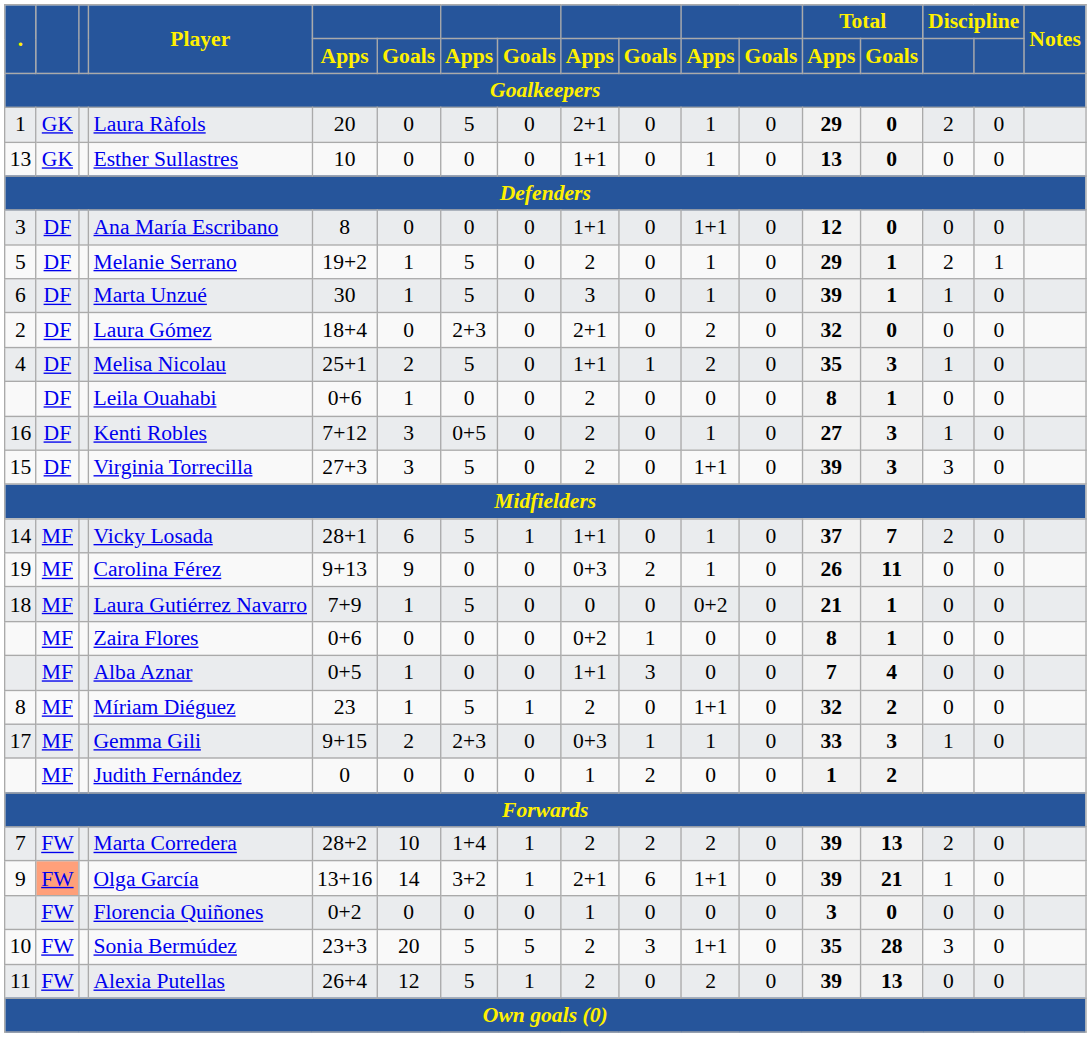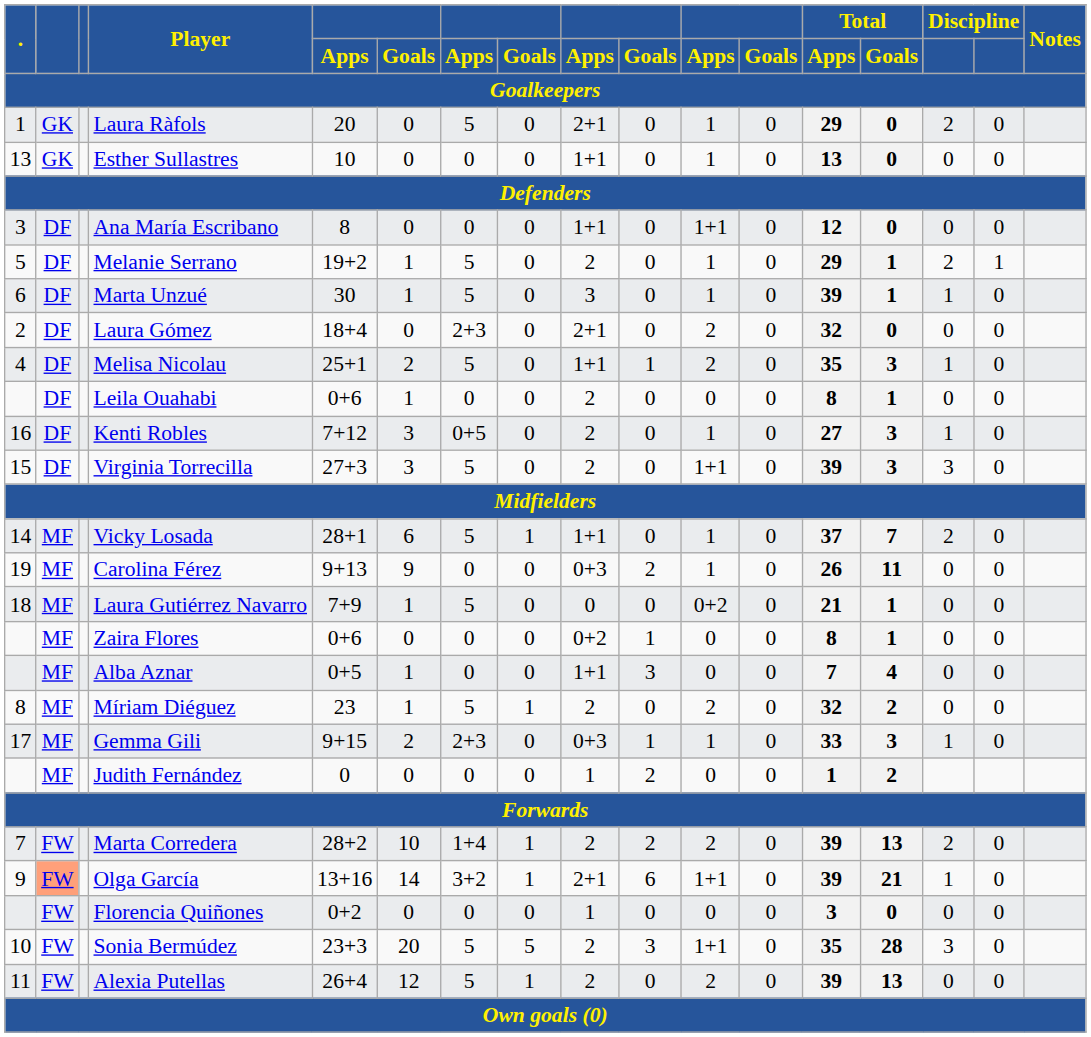 <table class="wikitable sortable alternance" style="text-align:center">
 <tr>
 <th rowspan="2" style="background:#26559B; color:#FFF000; ">.</th>
 <th rowspan="2" style="background:#26559B; color:#FFF000; "></th>
 <th rowspan="2" style="background:#26559B; color:#FFF000; "></th>
 <th rowspan="2" style="background:#26559B; color:#FFF000; ">Player</th>
 <th colspan="2" style="background:#26559B; color:#FFF000; "></th>
 <th colspan="2" style="background:#26559B; color:#FFF000; "></th>
 <th colspan="2" style="background:#26559B; color:#FFF000; "></th>
 <th colspan="2" style="background:#26559B; color:#FFF000; "></th>
 <th colspan="2" style="background:#26559B; color:#FFF000; ">Total</th>
 <th colspan="2" style="background:#26559B; color:#FFF000; ">Discipline</th>
 <th rowspan="2" style="background:#26559B; color:#FFF000; ">Notes</th>
 </tr>
 <tr>
 <th style="background:#26559B; color:#FFF000; ">Apps</th>
 <th style="background:#26559B; color:#FFF000; ">Goals</th>
 <th style="background:#26559B; color:#FFF000; ">Apps</th>
 <th style="background:#26559B; color:#FFF000; ">Goals</th>
 <th style="background:#26559B; color:#FFF000; ">Apps</th>
 <th style="background:#26559B; color:#FFF000; ">Goals</th>
 <th style="background:#26559B; color:#FFF000; ">Apps</th>
 <th style="background:#26559B; color:#FFF000; ">Goals</th>
 <th style="background:#26559B; color:#FFF000; ">Apps</th>
 <th style="background:#26559B; color:#FFF000; ">Goals</th>
 <th style="background:#26559B; color:#FFF000; "></th>
 <th style="background:#26559B; color:#FFF000; "></th>
 </tr>
 <tr>
 <th colspan="17" style="background:#26559B; color:#FFF000; "><em>Goalkeepers</em></th>
 </tr>
 <tr colspan="9" style="background:#eaecee">
 <td>1</td>
 <td><a href='#'>GK</a></td>
 <td></td>
 <td align="left"><a href='#'>Laura Ràfols</a></td>
 <td>20</td>
 <td>0</td>
 <td>5</td>
 <td>0</td>
 <td>2+1</td>
 <td>0</td>
 <td>1</td>
 <td>0</td>
 <th>29</th>
 <th><strong>0</strong></th>
 <td>2</td>
 <td>0</td>
 <td></td>
 </tr>
 <tr>
 <td>13</td>
 <td><a href='#'>GK</a></td>
 <td></td>
 <td align="left"><a href='#'>Esther Sullastres</a></td>
 <td>10</td>
 <td>0</td>
 <td>0</td>
 <td>0</td>
 <td>1+1</td>
 <td>0</td>
 <td>1</td>
 <td>0</td>
 <th>13</th>
 <th><strong>0</strong></th>
 <td>0</td>
 <td>0</td>
 <td></td>
 </tr>
 <tr>
 <th colspan="17" style="background:#26559B; color:#FFF000; "><em>Defenders</em></th>
 </tr>
 <tr colspan="9" style="background:#eaecee">
 <td>3</td>
 <td><a href='#'>DF</a></td>
 <td></td>
 <td align="left"><a href='#'>Ana María Escribano</a></td>
 <td>8</td>
 <td>0</td>
 <td>0</td>
 <td>0</td>
 <td>1+1</td>
 <td>0</td>
 <td>1+1</td>
 <td>0</td>
 <th>12</th>
 <th>0</th>
 <td>0</td>
 <td>0</td>
 <td></td>
 </tr>
 <tr>
 <td>5</td>
 <td><a href='#'>DF</a></td>
 <td></td>
 <td align="left"><a href='#'>Melanie Serrano</a></td>
 <td>19+2</td>
 <td>1</td>
 <td>5</td>
 <td>0</td>
 <td>2</td>
 <td>0</td>
 <td>1</td>
 <td>0</td>
 <th>29</th>
 <th>1</th>
 <td>2</td>
 <td>1</td>
 <td></td>
 </tr>
 <tr colspan="9" style="background:#eaecee">
 <td>6</td>
 <td><a href='#'>DF</a></td>
 <td></td>
 <td align="left"><a href='#'>Marta Unzué</a></td>
 <td>30</td>
 <td>1</td>
 <td>5</td>
 <td>0</td>
 <td>3</td>
 <td>0</td>
 <td>1</td>
 <td>0</td>
 <th>39</th>
 <th>1</th>
 <td>1</td>
 <td>0</td>
 <td></td>
 </tr>
 <tr>
 <td>2</td>
 <td><a href='#'>DF</a></td>
 <td></td>
 <td align="left"><a href='#'>Laura Gómez</a></td>
 <td>18+4</td>
 <td>0</td>
 <td>2+3</td>
 <td>0</td>
 <td>2+1</td>
 <td>0</td>
 <td>2</td>
 <td>0</td>
 <th>32</th>
 <th><strong>0</strong></th>
 <td>0</td>
 <td>0</td>
 <td></td>
 </tr>
 <tr colspan="9" style="background:#eaecee">
 <td>4</td>
 <td><a href='#'>DF</a></td>
 <td></td>
 <td align="left"><a href='#'>Melisa Nicolau</a></td>
 <td>25+1</td>
 <td>2</td>
 <td>5</td>
 <td>0</td>
 <td>1+1</td>
 <td>1</td>
 <td>2</td>
 <td>0</td>
 <th>35</th>
 <th>3</th>
 <td>1</td>
 <td>0</td>
 <td></td>
 </tr>
 <tr>
 <td></td>
 <td><a href='#'>DF</a></td>
 <td></td>
 <td align="left"><a href='#'>Leila Ouahabi</a></td>
 <td>0+6</td>
 <td>1</td>
 <td>0</td>
 <td>0</td>
 <td>2</td>
 <td>0</td>
 <td>0</td>
 <td>0</td>
 <th>8</th>
 <th>1</th>
 <td>0</td>
 <td>0</td>
 <td></td>
 </tr>
 <tr colspan="9" style="background:#eaecee">
 <td>16</td>
 <td><a href='#'>DF</a></td>
 <td></td>
 <td align="left"><a href='#'>Kenti Robles</a></td>
 <td>7+12</td>
 <td>3</td>
 <td>0+5</td>
 <td>0</td>
 <td>2</td>
 <td>0</td>
 <td>1</td>
 <td>0</td>
 <th>27</th>
 <th>3</th>
 <td>1</td>
 <td>0</td>
 <td></td>
 </tr>
 <tr>
 <td>15</td>
 <td><a href='#'>DF</a></td>
 <td></td>
 <td align="left"><a href='#'>Virginia Torrecilla</a></td>
 <td>27+3</td>
 <td>3</td>
 <td>5</td>
 <td>0</td>
 <td>2</td>
 <td>0</td>
 <td>1+1</td>
 <td>0</td>
 <th>39</th>
 <th>3</th>
 <td>3</td>
 <td>0</td>
 <td></td>
 </tr>
 <tr>
 <th colspan="17" style="background:#26559B; color:#FFF000; "><em>Midfielders</em></th>
 </tr>
 <tr style="background:#eaecee" colspan="9">
 <td>14</td>
 <td><a href='#'>MF</a></td>
 <td></td>
 <td align="left"><a href='#'>Vicky Losada</a></td>
 <td>28+1</td>
 <td>6</td>
 <td>5</td>
 <td>1</td>
 <td>1+1</td>
 <td>0</td>
 <td>1</td>
 <td>0</td>
 <th>37</th>
 <th>7</th>
 <td>2</td>
 <td>0</td>
 <td></td>
 </tr>
 <tr>
 <td>19</td>
 <td><a href='#'>MF</a></td>
 <td></td>
 <td align="left"><a href='#'>Carolina Férez</a></td>
 <td>9+13</td>
 <td>9</td>
 <td>0</td>
 <td>0</td>
 <td>0+3</td>
 <td>2</td>
 <td>1</td>
 <td>0</td>
 <th>26</th>
 <th>11</th>
 <td>0</td>
 <td>0</td>
 <td></td>
 </tr>
 <tr style="background:#eaecee" colspan="9">
 <td>18</td>
 <td><a href='#'>MF</a></td>
 <td></td>
 <td align="left"><a href='#'>Laura Gutiérrez Navarro</a></td>
 <td>7+9</td>
 <td>1</td>
 <td>5</td>
 <td>0</td>
 <td>0</td>
 <td>0</td>
 <td>0+2</td>
 <td>0</td>
 <th>21</th>
 <th>1</th>
 <td>0</td>
 <td>0</td>
 <td></td>
 </tr>
 <tr>
 <td></td>
 <td><a href='#'>MF</a></td>
 <td></td>
 <td align="left"><a href='#'>Zaira Flores</a></td>
 <td>0+6</td>
 <td>0</td>
 <td>0</td>
 <td>0</td>
 <td>0+2</td>
 <td>1</td>
 <td>0</td>
 <td>0</td>
 <th>8</th>
 <th>1</th>
 <td>0</td>
 <td>0</td>
 <td></td>
 </tr>
 <tr style="background:#eaecee" colspan="9">
 <td></td>
 <td><a href='#'>MF</a></td>
 <td></td>
 <td align="left"><a href='#'>Alba Aznar</a></td>
 <td>0+5</td>
 <td>1</td>
 <td>0</td>
 <td>0</td>
 <td>1+1</td>
 <td>3</td>
 <td>0</td>
 <td>0</td>
 <th>7</th>
 <th>4</th>
 <td>0</td>
 <td>0</td>
 <td></td>
 </tr>
 <tr>
 <td>8</td>
 <td><a href='#'>MF</a></td>
 <td></td>
 <td align="left"><a href='#'>Míriam Diéguez</a></td>
 <td>23</td>
 <td>1</td>
 <td>5</td>
 <td>1</td>
 <td>2</td>
 <td>0</td>
-<td>1+1</td>
+<td>2</td>
 <td>0</td>
 <th>32</th>
 <th>2</th>
 <td>0</td>
 <td>0</td>
 <td></td>
 </tr>
 <tr style="background:#eaecee" colspan="9">
 <td>17</td>
 <td><a href='#'>MF</a></td>
 <td></td>
 <td align="left"><a href='#'>Gemma Gili</a></td>
 <td>9+15</td>
 <td>2</td>
 <td>2+3</td>
 <td>0</td>
 <td>0+3</td>
 <td>1</td>
 <td>1</td>
 <td>0</td>
 <th>33</th>
 <th>3</th>
 <td>1</td>
 <td>0</td>
 <td></td>
 </tr>
 <tr>
 <td></td>
 <td><a href='#'>MF</a></td>
 <td></td>
 <td align="left"><a href='#'>Judith Fernández</a></td>
 <td>0</td>
 <td>0</td>
 <td>0</td>
 <td>0</td>
 <td>1</td>
 <td>2</td>
 <td>0</td>
 <td>0</td>
 <th>1</th>
 <th>2</th>
 <td></td>
 <td></td>
 <td></td>
 </tr>
 <tr>
 <th colspan="17" style="background:#26559B; color:#FFF000; "><em>Forwards</em></th>
 </tr>
 <tr colspan="9" style="background:#eaecee">
 <td>7</td>
 <td><a href='#'>FW</a></td>
 <td></td>
 <td align="left"><a href='#'>Marta Corredera</a></td>
 <td>28+2</td>
 <td>10</td>
 <td>1+4</td>
 <td>1</td>
 <td>2</td>
 <td>2</td>
 <td>2</td>
 <td>0</td>
 <th>39</th>
 <th>13</th>
 <td>2</td>
 <td>0</td>
 <td></td>
 </tr>
 <tr>
 <td>9</td>
 <td style="background: lightsalmon;"><a href='#'>FW</a></td>
 <td></td>
 <td align="left"><a href='#'>Olga García</a></td>
 <td>13+16</td>
 <td>14</td>
 <td>3+2</td>
 <td>1</td>
 <td>2+1</td>
 <td>6</td>
 <td>1+1</td>
 <td>0</td>
 <th>39</th>
 <th>21</th>
 <td>1</td>
 <td>0</td>
 <td></td>
 </tr>
 <tr colspan="9" style="background:#eaecee">
 <td></td>
 <td><a href='#'>FW</a></td>
 <td></td>
 <td align="left"><a href='#'>Florencia Quiñones</a></td>
 <td>0+2</td>
 <td>0</td>
 <td>0</td>
 <td>0</td>
 <td>1</td>
 <td>0</td>
 <td>0</td>
 <td>0</td>
 <th>3</th>
 <th>0</th>
 <td>0</td>
 <td>0</td>
 <td></td>
 </tr>
 <tr>
 <td>10</td>
 <td><a href='#'>FW</a></td>
 <td></td>
 <td align="left"><a href='#'>Sonia Bermúdez</a></td>
 <td>23+3</td>
 <td>20</td>
 <td>5</td>
 <td>5</td>
 <td>2</td>
 <td>3</td>
 <td>1+1</td>
 <td>0</td>
 <th>35</th>
 <th>28</th>
 <td>3</td>
 <td>0</td>
 <td></td>
 </tr>
 <tr colspan="9" style="background:#eaecee">
 <td>11</td>
 <td><a href='#'>FW</a></td>
 <td></td>
 <td align="left"><a href='#'>Alexia Putellas</a></td>
 <td>26+4</td>
 <td>12</td>
 <td>5</td>
 <td>1</td>
 <td>2</td>
 <td>0</td>
 <td>2</td>
 <td>0</td>
 <th>39</th>
 <th>13</th>
 <td>0</td>
 <td>0</td>
 <td></td>
 </tr>
 <tr>
 <th colspan=17 style="background:#26559B; color:#FFF000; "><em>Own goals (0)</em></th>
 </tr>
 </table>
